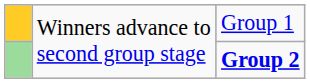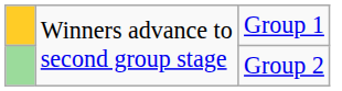 <table class="wikitable" style="font-size:90%">
 <tr>
 <td bgcolor=#ffcc26>   </td>
 <td rowspan=2>Winners advance to<br><a href='#'>second group stage</a></td>
 <td><a href='#'>Group 1</a></td>
 </tr>
 <tr>
 <td bgcolor=#9bdb9b>   </td>
-<td><strong><a href='#'>Group 2</a></strong></td>
+<td><a href='#'>Group 2</a></td>
 </tr>
 </table>
